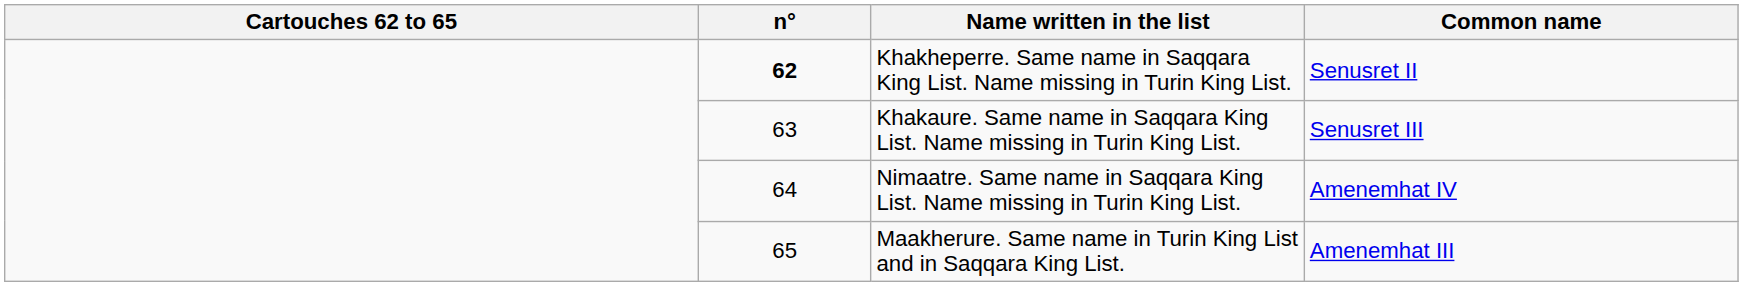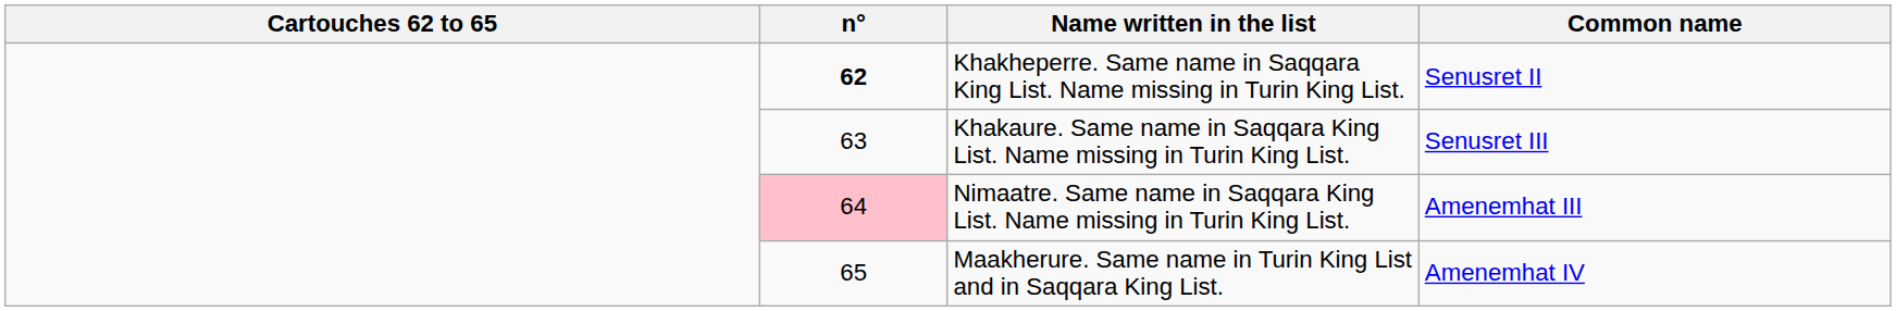 <table class="wikitable">
 <tr>
 <th width = "40%">Cartouches 62 to 65</th>
 <th width = "10%">n°</th>
 <th width = "25%">Name written in the list</th>
 <th width = "25%">Common name</th>
 </tr>
 <tr>
 <td rowspan = "4"></td>
 <td align = "center"><strong>62</strong></td>
 <td>Khakheperre. Same name in Saqqara King List. Name missing in Turin King List.</td>
 <td><a href='#'>Senusret II</a></td>
 </tr>
 <tr>
 <td align = "center">63</td>
 <td>Khakaure. Same name in Saqqara King List. Name missing in Turin King List.</td>
 <td><a href='#'>Senusret III</a></td>
 </tr>
 <tr>
-<td align = "center">64</td>
+<td align = "center" style="background: pink;">64</td>
 <td>Nimaatre. Same name in Saqqara King List. Name missing in Turin King List.</td>
-<td><a href='#'>Amenemhat IV</a></td>
+<td><a href='#'>Amenemhat III</a></td>
 </tr>
 <tr>
 <td align = "center">65</td>
 <td>Maakherure. Same name in Turin King List and in Saqqara King List.</td>
-<td><a href='#'>Amenemhat III</a></td>
+<td><a href='#'>Amenemhat IV</a></td>
 </tr>
 </table>
